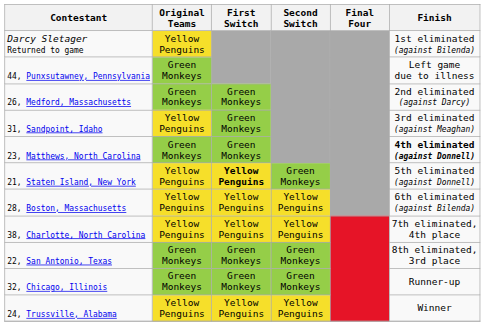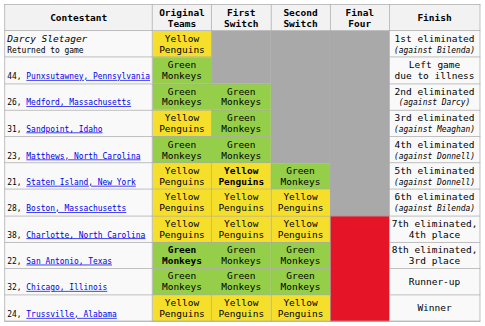 <table class="wikitable" style="margin:auto; text-align:center">
 <tr>
 <th>Contestant</th>
 <th width=75px>Original<br>Teams</th>
 <th width=75px>First<br>Switch</th>
 <th width=75px>Second<br>Switch</th>
 <th width=75px>Final<br>Four</th>
 <th>Finish</th>
 </tr>
 <tr>
 <td align=left><em>Darcy Sletager</em><br><small>Returned to game</small></td>
 <td bgcolor=#f6df2a>Yellow<br>Penguins</td>
 <td rowspan=2 bgcolor=darkgray></td>
 <td rowspan=5 bgcolor=darkgray></td>
 <td rowspan=7 bgcolor=darkgray></td>
 <td>1st eliminated<br><small><em>(against Bilenda)</em></small></td>
 </tr>
 <tr>
 <td align=left><br><small>44, <a href='#'>Punxsutawney, Pennsylvania</a></small></td>
 <td bgcolor=#95ce48>Green<br>Monkeys</td>
 <td>Left game<br>due to illness</td>
 </tr>
 <tr>
 <td align=left><br><small>26, <a href='#'>Medford, Massachusetts</a></small></td>
 <td bgcolor=#95ce48>Green<br>Monkeys</td>
 <td bgcolor=#95ce48>Green<br>Monkeys</td>
 <td>2nd eliminated<br><small><em>(against Darcy)</em></small></td>
 </tr>
 <tr>
 <td align=left><br><small>31, <a href='#'>Sandpoint, Idaho</a></small></td>
 <td bgcolor=#f6df2a>Yellow<br>Penguins</td>
 <td bgcolor=#95ce48>Green<br>Monkeys</td>
 <td>3rd eliminated<br><small><em>(against Meaghan)</em></small></td>
 </tr>
 <tr>
 <td align=left><br><small>23, <a href='#'>Matthews, North Carolina</a></small></td>
 <td bgcolor=#95ce48>Green<br>Monkeys</td>
 <td bgcolor=#95ce48>Green<br>Monkeys</td>
-<td><strong>4th eliminated<br><small><em>(against Donnell)</em></small></strong></td>
+<td>4th eliminated<br><small><em>(against Donnell)</em></small></td>
 </tr>
 <tr>
 <td align=left><br><small>21, <a href='#'>Staten Island, New York</a></small></td>
 <td bgcolor=#f6df2a>Yellow<br>Penguins</td>
 <td bgcolor=#f6df2a><strong>Yellow<br>Penguins</strong></td>
 <td bgcolor=#95ce48>Green<br>Monkeys</td>
 <td>5th eliminated<br><small><em>(against Donnell)</em></small></td>
 </tr>
 <tr>
 <td align=left><br><small>28, <a href='#'>Boston, Massachusetts</a></small></td>
 <td bgcolor=#f6df2a>Yellow<br>Penguins</td>
 <td bgcolor=#f6df2a>Yellow<br>Penguins</td>
 <td bgcolor=#f6df2a>Yellow<br>Penguins</td>
 <td>6th eliminated<br><small><em>(against Bilenda)</em></small></td>
 </tr>
 <tr>
 <td align=left><br><small>38, <a href='#'>Charlotte, North Carolina</a></small></td>
 <td bgcolor=#f6df2a>Yellow<br>Penguins</td>
 <td bgcolor=#f6df2a>Yellow<br>Penguins</td>
 <td bgcolor=#f6df2a>Yellow<br>Penguins</td>
 <td rowspan=4 bgcolor=#e61427></td>
 <td>7th eliminated,<br>4th place</td>
 </tr>
 <tr>
 <td align=left><br><small>22, <a href='#'>San Antonio, Texas</a></small></td>
-<td bgcolor=#95ce48>Green<br>Monkeys</td>
+<td bgcolor=#95ce48><strong>Green<br>Monkeys</strong></td>
 <td bgcolor=#95ce48>Green<br>Monkeys</td>
 <td bgcolor=#95ce48>Green<br>Monkeys</td>
 <td>8th eliminated,<br>3rd place</td>
 </tr>
 <tr>
 <td align=left><br><small>32, <a href='#'>Chicago, Illinois</a></small></td>
 <td bgcolor=#95ce48>Green<br>Monkeys</td>
 <td bgcolor=#95ce48>Green<br>Monkeys</td>
 <td bgcolor=#95ce48>Green<br>Monkeys</td>
 <td>Runner-up</td>
 </tr>
 <tr>
 <td align=left><br><small>24, <a href='#'>Trussville, Alabama</a></small></td>
 <td bgcolor=#f6df2a>Yellow<br>Penguins</td>
 <td bgcolor=#f6df2a>Yellow<br>Penguins</td>
 <td bgcolor=#f6df2a>Yellow<br>Penguins</td>
 <td>Winner</td>
 </tr>
 <tr>
 </tr>
 </table>
